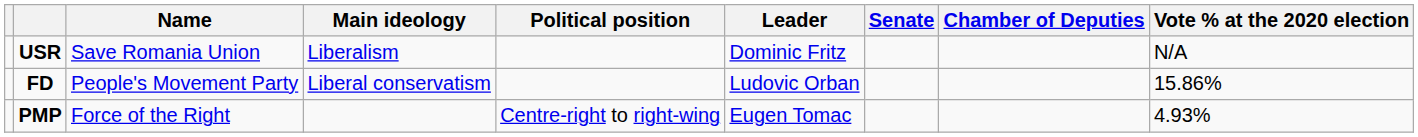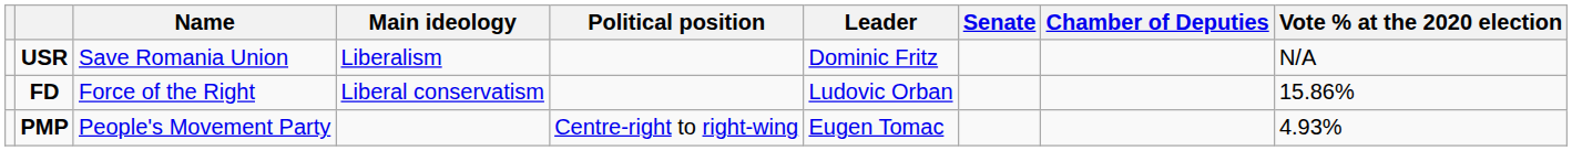 <table class="wikitable">
 <tr>
 <th></th>
 <th></th>
 <th>Name</th>
 <th>Main ideology</th>
 <th>Political position</th>
 <th>Leader</th>
 <th><a href='#'>Senate</a></th>
 <th><a href='#'>Chamber of Deputies</a></th>
 <th>Vote % at the 2020 election</th>
 </tr>
 <tr>
 <td style="background:"></td>
 <td style="text-align:center;"><strong>USR</strong></td>
 <td><a href='#'>Save Romania Union</a><br></td>
 <td><a href='#'>Liberalism</a></td>
 <td></td>
 <td><a href='#'>Dominic Fritz</a></td>
 <td></td>
 <td></td>
 <td>N/A</td>
 </tr>
 <tr>
 <td style="background:"></td>
 <td style="text-align:center;"><strong>FD</strong></td>
-<td><a href='#'>People's Movement Party</a><br></td>
+<td><a href='#'>Force of the Right</a><br></td>
 <td><a href='#'>Liberal conservatism</a></td>
 <td></td>
 <td><a href='#'>Ludovic Orban</a></td>
 <td></td>
 <td></td>
 <td>15.86%</td>
 </tr>
 <tr>
 <td style="background:"></td>
 <td style="text-align:center;"><strong>PMP</strong></td>
-<td><a href='#'>Force of the Right</a><br></td>
+<td><a href='#'>People's Movement Party</a><br></td>
 <td></td>
 <td><a href='#'>Centre-right</a> to <a href='#'>right-wing</a></td>
 <td><a href='#'>Eugen Tomac</a></td>
 <td></td>
 <td></td>
 <td>4.93%</td>
 </tr>
 </table>
